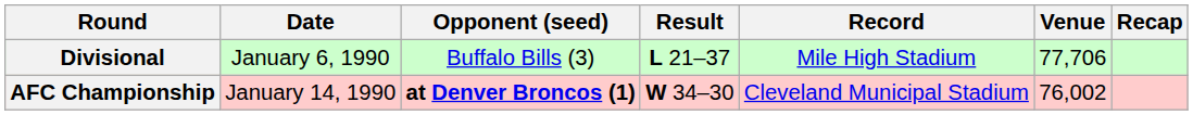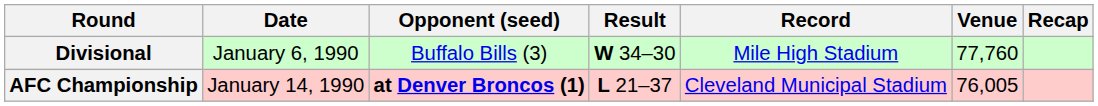 <table class="wikitable" style="text-align:center">
 <tr>
 <th>Round</th>
 <th>Date</th>
 <th>Opponent (seed)</th>
 <th>Result</th>
 <th>Record</th>
 <th>Venue</th>
 <th>Recap</th>
 </tr>
 <tr style="background:#cfc">
 <th>Divisional</th>
 <td>January 6, 1990</td>
 <td><a href='#'>Buffalo Bills</a> (3)</td>
-<td><strong>L</strong> 21–37</td>
+<td><strong>W</strong> 34–30</td>
 <td><a href='#'>Mile High Stadium</a></td>
-<td>77,706</td>
+<td>77,760</td>
 <td></td>
 </tr>
 <tr style="background:#fcc">
 <th>AFC Championship</th>
 <td>January 14, 1990</td>
 <td><strong>at <a href='#'>Denver Broncos</a> (1)</strong></td>
-<td><strong>W</strong> 34–30</td>
+<td><strong>L</strong> 21–37</td>
 <td><a href='#'>Cleveland Municipal Stadium</a></td>
-<td>76,002</td>
+<td>76,005</td>
 <td></td>
 </tr>
 </table>
